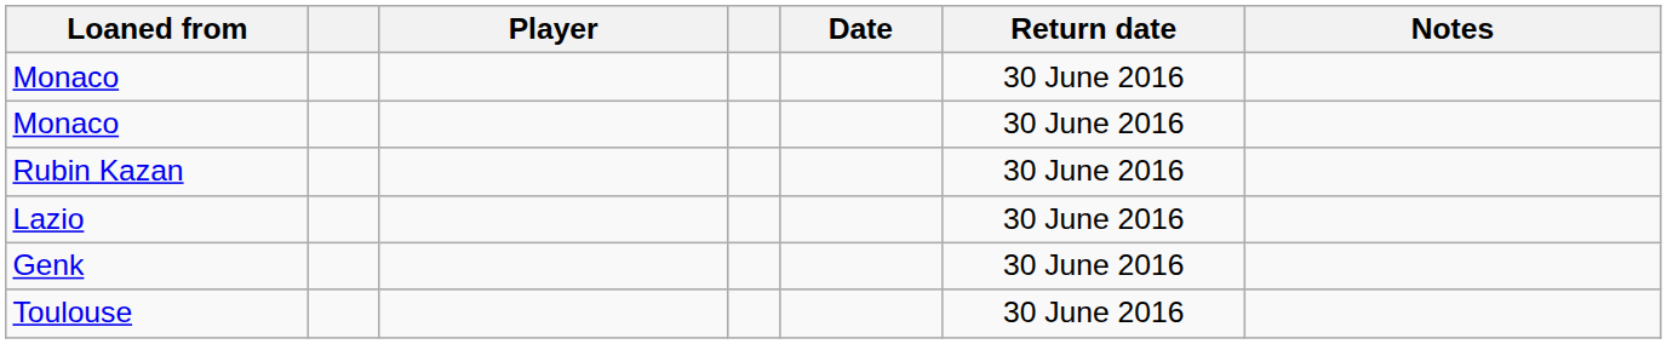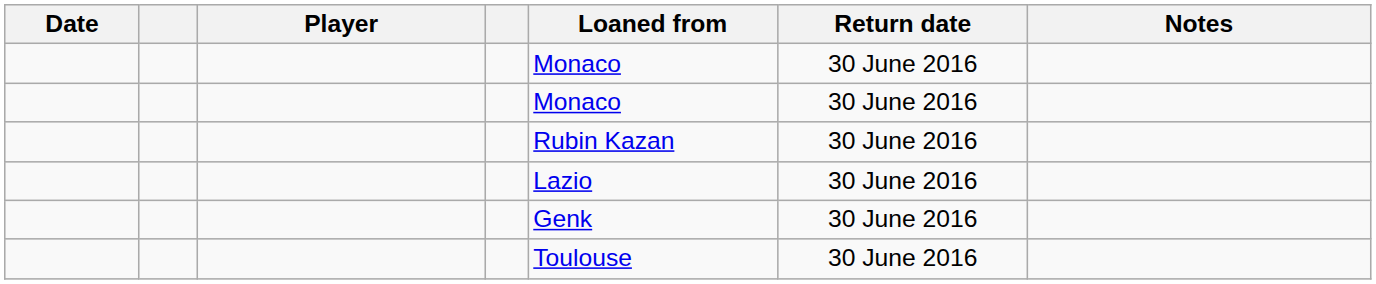 <table class="wikitable sortable">
 <tr>
-<th style="width:155px;">Loaned from</th>
+<th style="width:80px;">Date</th>
 <th style="width:30px;"></th>
 <th style="width:180px;">Player</th>
 <th style="width:20px;"></th>
-<th style="width:80px;">Date</th>
+<th style="width:155px;">Loaned from</th>
 <th style="width:155px;" class="unsortable">Return date</th>
 <th style="width:215px;" class="unsortable">Notes</th>
 </tr>
 <tr>
-<td> <a href='#'>Monaco</a></td>
+<td></td>
 <td align=center></td>
 <td> </td>
 <td></td>
-<td></td>
+<td> <a href='#'>Monaco</a></td>
 <td align=center>30 June 2016</td>
 <td align=center></td>
 </tr>
 <tr>
-<td> <a href='#'>Monaco</a></td>
+<td></td>
 <td align=center></td>
 <td> </td>
 <td></td>
-<td></td>
+<td> <a href='#'>Monaco</a></td>
 <td align=center>30 June 2016</td>
 <td align=center></td>
 </tr>
 <tr>
-<td> <a href='#'>Rubin Kazan</a></td>
+<td></td>
 <td align=center></td>
 <td> </td>
 <td></td>
-<td></td>
+<td> <a href='#'>Rubin Kazan</a></td>
 <td align=center>30 June 2016</td>
 <td align=center></td>
 </tr>
 <tr>
-<td> <a href='#'>Lazio</a></td>
+<td></td>
 <td align=center></td>
 <td> </td>
 <td></td>
-<td></td>
+<td> <a href='#'>Lazio</a></td>
 <td align=center>30 June 2016</td>
 <td align=center></td>
 </tr>
 <tr>
-<td> <a href='#'>Genk</a></td>
+<td></td>
 <td align=center></td>
 <td> </td>
 <td></td>
-<td></td>
+<td> <a href='#'>Genk</a></td>
 <td align=center>30 June 2016</td>
 <td align=center></td>
 </tr>
 <tr>
-<td> <a href='#'>Toulouse</a></td>
+<td></td>
 <td align=center></td>
 <td> </td>
 <td></td>
-<td></td>
+<td> <a href='#'>Toulouse</a></td>
 <td align=center>30 June 2016</td>
 <td align=center></td>
 </tr>
 </table>
